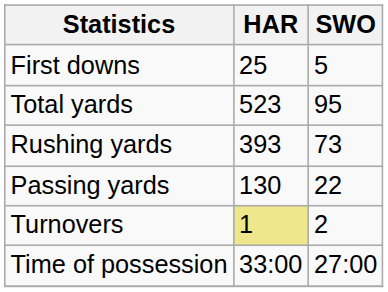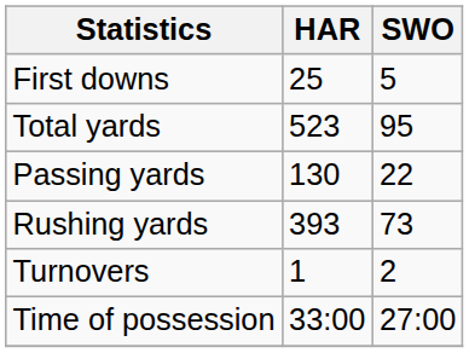 <table class="wikitable" style="float: left;">
 <tr>
 <th>Statistics</th>
 <th>HAR</th>
 <th>SWO</th>
 </tr>
 <tr>
 <td>First downs</td>
 <td>25</td>
 <td>5</td>
 </tr>
 <tr>
 <td>Total yards</td>
 <td>523</td>
 <td>95</td>
 </tr>
 <tr>
+<td>Passing yards</td>
+<td>130</td>
+<td>22</td>
+</tr>
+<tr>
 <td>Rushing yards</td>
 <td>393</td>
 <td>73</td>
 </tr>
 <tr>
-<td>Passing yards</td>
-<td>130</td>
-<td>22</td>
-</tr>
-<tr>
 <td>Turnovers</td>
-<td style="background: khaki;">1</td>
+<td>1</td>
 <td>2</td>
 </tr>
 <tr>
 <td>Time of possession</td>
 <td>33:00</td>
 <td>27:00</td>
 </tr>
 <tr>
 </tr>
 </table>
